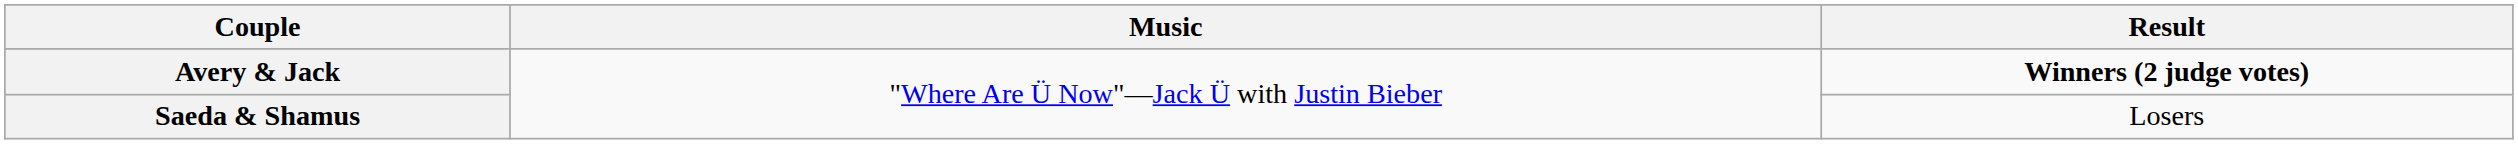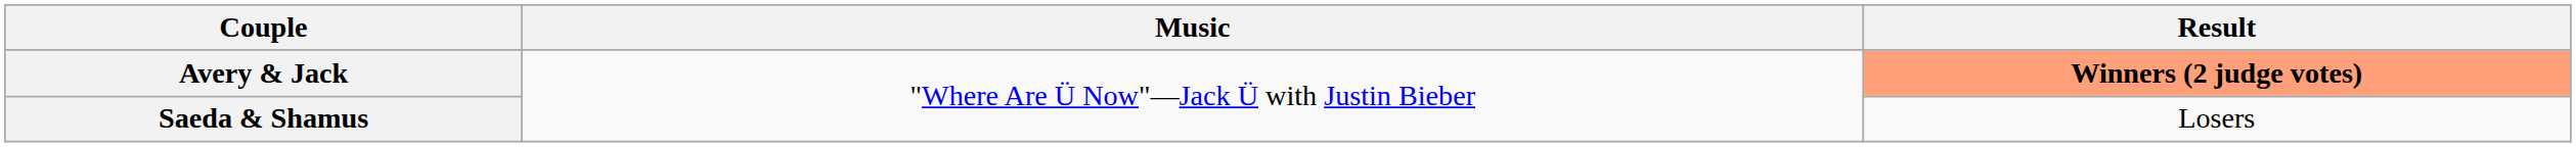 <table class="wikitable sortable" style="text-align:center; width: 90%">
 <tr>
 <th scope="col">Couple</th>
 <th scope="col" class="unsortable">Music</th>
 <th scope="col" class="unsortable">Result</th>
 </tr>
 <tr>
 <th scope="col">Avery & Jack</th>
 <td rowspan=2>"<a href='#'>Where Are Ü Now</a>"—<a href='#'>Jack Ü</a> with <a href='#'>Justin Bieber</a></td>
-<td><strong>Winners (2 judge votes)</strong></td>
+<td style="background: lightsalmon;"><strong>Winners (2 judge votes)</strong></td>
 </tr>
 <tr>
 <th scope="col">Saeda & Shamus</th>
 <td>Losers</td>
 </tr>
 </table>
